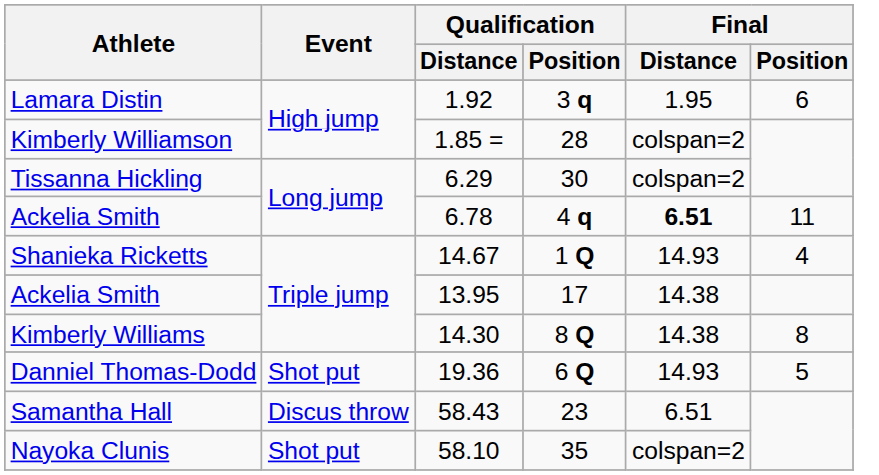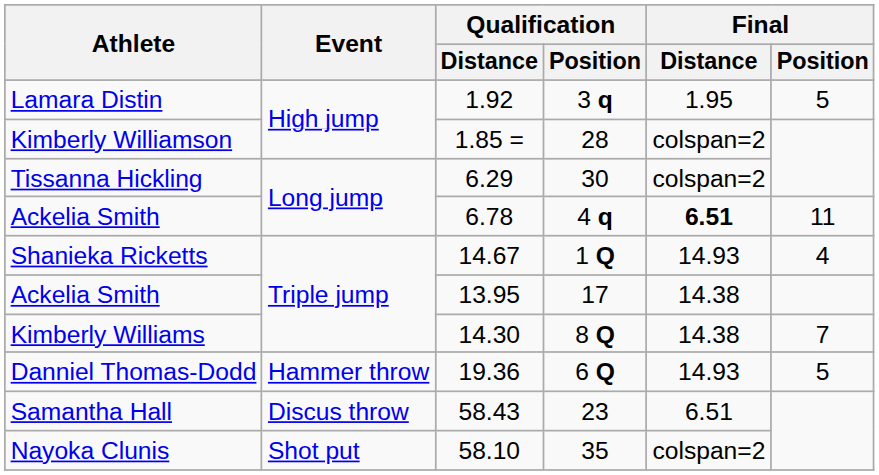 <table class=wikitable style=font-size:90%>
 <tr>
 <th rowspan=2>Athlete</th>
 <th rowspan=2>Event</th>
 <th colspan=2>Qualification</th>
 <th colspan=2>Final</th>
 </tr>
 <tr style=font-size:95%>
 <th>Distance</th>
 <th>Position</th>
 <th>Distance</th>
 <th>Position</th>
 </tr>
 <tr align=center>
 <td align=left><a href='#'>Lamara Distin</a></td>
 <td align=left rowspan=2><a href='#'>High jump</a></td>
 <td>1.92</td>
 <td>3 <strong>q</strong></td>
 <td>1.95</td>
-<td>6</td>
+<td>5</td>
 </tr>
 <tr align=center>
 <td align=left><a href='#'>Kimberly Williamson</a></td>
 <td>1.85 =</td>
 <td>28</td>
 <td>colspan=2 </td>
 </tr>
 <tr align=center>
 <td align=left><a href='#'>Tissanna Hickling</a></td>
 <td align=left rowspan=2><a href='#'>Long jump</a></td>
 <td>6.29</td>
 <td>30</td>
 <td>colspan=2 </td>
 </tr>
 <tr align=center>
 <td align=left><a href='#'>Ackelia Smith</a></td>
 <td>6.78</td>
 <td>4 <strong>q</strong></td>
 <td><strong>6.51</strong></td>
 <td>11</td>
 </tr>
 <tr align=center>
 <td align=left><a href='#'>Shanieka Ricketts</a></td>
 <td align=left rowspan=3><a href='#'>Triple jump</a></td>
 <td>14.67 </td>
 <td>1 <strong>Q</strong></td>
 <td>14.93</td>
 <td>4</td>
 </tr>
 <tr align=center>
 <td align=left><a href='#'>Ackelia Smith</a></td>
 <td>13.95</td>
 <td>17</td>
 <td>14.38</td>
 </tr>
 <tr align=center>
 <td align=left><a href='#'>Kimberly Williams</a></td>
 <td>14.30 </td>
 <td>8 <strong>Q</strong></td>
 <td>14.38</td>
-<td>8</td>
+<td>7</td>
 </tr>
 <tr align=center>
 <td align=left><a href='#'>Danniel Thomas-Dodd</a></td>
-<td align=left><a href='#'>Shot put</a></td>
+<td align=left><a href='#'>Hammer throw</a></td>
 <td>19.36</td>
 <td>6 <strong>Q</strong></td>
 <td>14.93</td>
 <td>5</td>
 </tr>
 <tr align=center>
 <td align=left><a href='#'>Samantha Hall</a></td>
 <td align=left><a href='#'>Discus throw</a></td>
 <td>58.43</td>
 <td>23</td>
 <td>6.51</td>
 </tr>
 <tr align=center>
 <td align=left><a href='#'>Nayoka Clunis</a></td>
 <td align=left><a href='#'>Shot put</a></td>
 <td>58.10</td>
 <td>35</td>
 <td>colspan=2 </td>
 </tr>
 </table>
